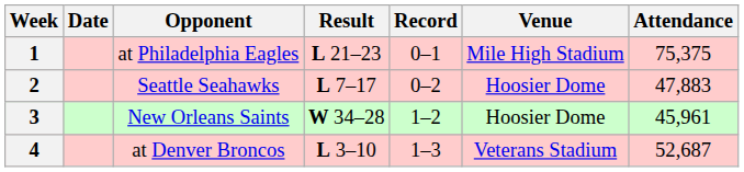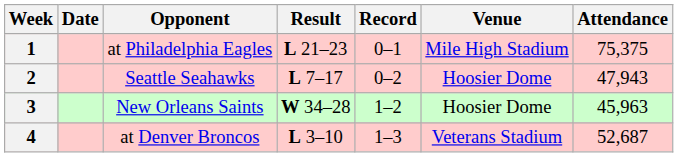 <table class="wikitable" style="text-align:center">
 <tr>
 <th>Week</th>
 <th>Date</th>
 <th>Opponent</th>
 <th>Result</th>
 <th>Record</th>
 <th>Venue</th>
 <th>Attendance</th>
 </tr>
 <tr style="background:#fcc">
 <th>1</th>
 <td></td>
 <td>at <a href='#'>Philadelphia Eagles</a></td>
 <td><strong>L</strong> 21–23</td>
 <td>0–1</td>
 <td><a href='#'>Mile High Stadium</a></td>
 <td>75,375</td>
 </tr>
 <tr style="background:#fcc">
 <th>2</th>
 <td></td>
 <td><a href='#'>Seattle Seahawks</a></td>
 <td><strong>L</strong> 7–17</td>
 <td>0–2</td>
 <td><a href='#'>Hoosier Dome</a></td>
-<td>47,883</td>
+<td>47,943</td>
 </tr>
 <tr style="background:#cfc">
 <th>3</th>
 <td></td>
 <td><a href='#'>New Orleans Saints</a></td>
 <td><strong>W</strong> 34–28</td>
 <td>1–2</td>
 <td>Hoosier Dome</td>
-<td>45,961</td>
+<td>45,963</td>
 </tr>
 <tr style="background:#fcc">
 <th>4</th>
 <td></td>
 <td>at <a href='#'>Denver Broncos</a></td>
 <td><strong>L</strong> 3–10</td>
 <td>1–3</td>
 <td><a href='#'>Veterans Stadium</a></td>
 <td>52,687</td>
 </tr>
 </table>
